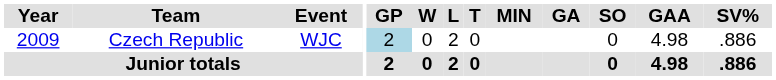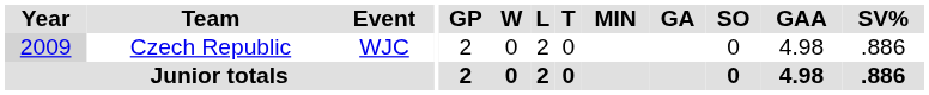 <table border="0" cellpadding="1" cellspacing="0" ID="Table3" style="text-align:center; width:40em">
 <tr ALIGN="center" bgcolor="#e0e0e0">
 <th>Year</th>
 <th>Team</th>
 <th>Event</th>
 <th rowspan="99" bgcolor="#ffffff"></th>
 <th>GP</th>
 <th>W</th>
 <th>L</th>
 <th>T</th>
 <th>MIN</th>
 <th>GA</th>
 <th>SO</th>
 <th>GAA</th>
 <th>SV%</th>
 </tr>
 <tr>
-<td><a href='#'>2009</a></td>
+<td style="background: lightgrey;"><a href='#'>2009</a></td>
 <td><a href='#'>Czech Republic</a></td>
 <td><a href='#'>WJC</a></td>
-<td style="background: lightblue;">2</td>
+<td>2</td>
 <td>0</td>
 <td>2</td>
 <td>0</td>
 <td></td>
 <td></td>
 <td>0</td>
 <td>4.98</td>
 <td>.886</td>
 </tr>
 <tr bgcolor="#e0e0e0">
 <th colspan="3">Junior totals</th>
 <th>2</th>
 <th>0</th>
 <th>2</th>
 <th>0</th>
 <th></th>
 <th></th>
 <th>0</th>
 <th>4.98</th>
 <th>.886</th>
 </tr>
 </table>
